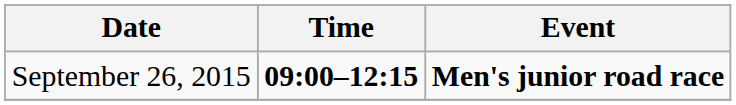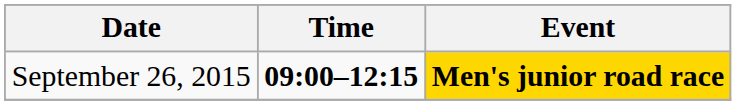 <table class="wikitable">
 <tr>
 <th>Date</th>
 <th>Time</th>
 <th>Event</th>
 </tr>
 <tr>
 <td>September 26, 2015</td>
 <td><strong>09:00–12:15</strong></td>
-<td><strong>Men's junior road race</strong></td>
+<td style="background: gold;"><strong>Men's junior road race</strong></td>
 </tr>
 <tr>
 </tr>
 </table>
